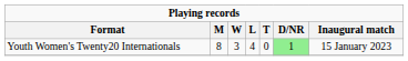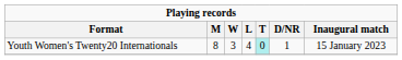 <table class="wikitable" style="text-align: center; width: 600px">
 <tr>
 <td colspan=7 align="center"><strong>Playing records</strong></td>
 </tr>
 <tr>
 <th>Format</th>
 <th>M</th>
 <th>W</th>
 <th>L</th>
 <th>T</th>
 <th>D/NR</th>
 <th>Inaugural match</th>
 </tr>
 <tr>
 <td align="left">Youth Women's Twenty20 Internationals</td>
 <td>8</td>
 <td>3</td>
 <td>4</td>
-<td>0</td>
-<td style="background: lightgreen;">1</td>
+<td style="background: paleturquoise;">0</td>
+<td>1</td>
 <td>15 January 2023</td>
 </tr>
 <tr>
 </tr>
 </table>
